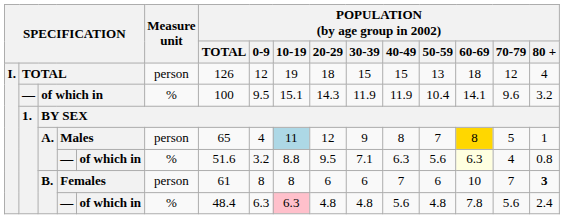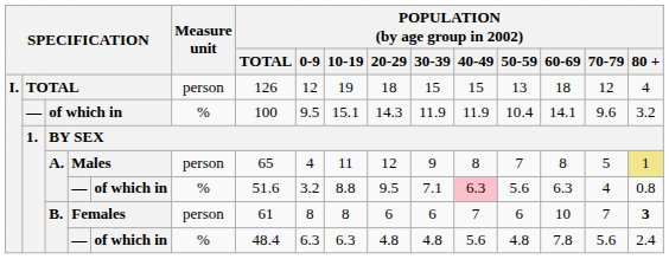 <table class="wikitable" style="font-size:85%; text-align:center">
 <tr>
 <th rowspan="2" colspan="5">SPECIFICATION</th>
 <th rowspan="2">Measure<br> unit</th>
 <th colspan="10" rowspan="1">POPULATION<br> (by age group in 2002)</th>
 </tr>
 <tr>
 <th>TOTAL</th>
 <th>0-9</th>
 <th>10-19</th>
 <th>20-29</th>
 <th>30-39</th>
 <th>40-49</th>
 <th>50-59</th>
 <th>60-69</th>
 <th>70-79</th>
 <th>80 +</th>
 </tr>
 <tr>
 <th style="text-align:left" valign="top" rowspan="7">I.</th>
 <th style="text-align:left" colspan="4">TOTAL</th>
 <td>person</td>
 <td>126</td>
 <td>12</td>
 <td>19</td>
 <td>18</td>
 <td>15</td>
 <td>15</td>
 <td>13</td>
 <td>18</td>
 <td>12</td>
 <td>4</td>
 </tr>
 <tr>
 <th style="text-align:left" valign="top">—</th>
 <th style="text-align:left" colspan="3">of which in</th>
 <td>%</td>
 <td>100</td>
 <td>9.5</td>
 <td>15.1</td>
 <td>14.3</td>
 <td>11.9</td>
 <td>11.9</td>
 <td>10.4</td>
 <td>14.1</td>
 <td>9.6</td>
 <td>3.2</td>
 </tr>
 <tr>
 <th style="text-align:left" valign="top" rowspan="5">1.</th>
 <th style="text-align:left" colspan="14">BY SEX</th>
 </tr>
 <tr>
 <th style="text-align:left" valign="top" rowspan="2">A.</th>
 <th style="text-align:left" colspan="2">Males</th>
 <td>person</td>
 <td>65</td>
 <td>4</td>
-<td style="background: lightblue;">11</td>
+<td>11</td>
 <td>12</td>
 <td>9</td>
 <td>8</td>
 <td>7</td>
-<td style="background: gold;">8</td>
+<td>8</td>
 <td>5</td>
-<td>1</td>
+<td style="background: khaki;">1</td>
 </tr>
 <tr>
 <th style="text-align:left" valign="top">—</th>
 <th style="text-align:left" colspan="1">of which in</th>
 <td>%</td>
 <td>51.6</td>
 <td>3.2</td>
 <td>8.8</td>
 <td>9.5</td>
 <td>7.1</td>
+<td style="background: pink;">6.3</td>
+<td>5.6</td>
 <td>6.3</td>
-<td>5.6</td>
-<td style="background: lightyellow;">6.3</td>
 <td>4</td>
 <td>0.8</td>
 </tr>
 <tr>
 <th style="text-align:left" valign="top" rowspan="2">B.</th>
 <th style="text-align:left" colspan="2">Females</th>
 <td>person</td>
 <td>61</td>
 <td>8</td>
 <td>8</td>
 <td>6</td>
 <td>6</td>
 <td>7</td>
 <td>6</td>
 <td>10</td>
 <td>7</td>
 <td><strong>3</strong></td>
 </tr>
 <tr>
 <th style="text-align:left" valign="top">—</th>
 <th style="text-align:left" colspan="1">of which in</th>
 <td>%</td>
 <td>48.4</td>
 <td>6.3</td>
-<td style="background: pink;">6.3</td>
+<td>6.3</td>
 <td>4.8</td>
 <td>4.8</td>
 <td>5.6</td>
 <td>4.8</td>
 <td>7.8</td>
 <td>5.6</td>
 <td>2.4</td>
 </tr>
 </table>
